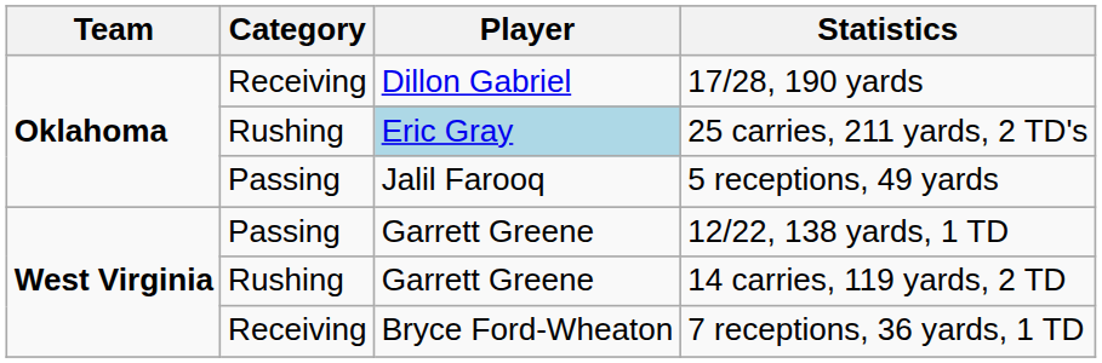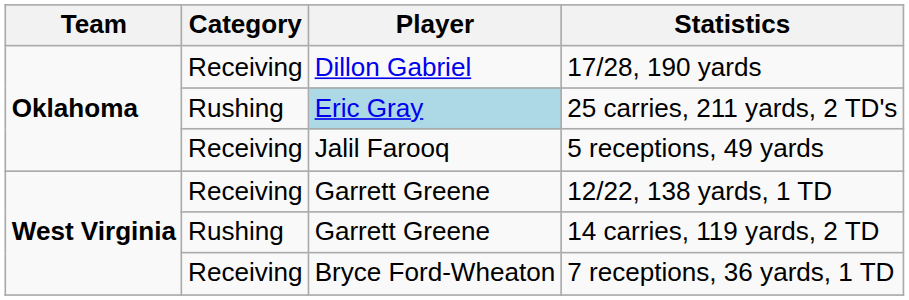 <table class="wikitable" style="float: right;">
 <tr>
 <th>Team</th>
 <th>Category</th>
 <th>Player</th>
 <th>Statistics</th>
 </tr>
 <tr>
 <td rowspan=3><strong>Oklahoma</strong></td>
 <td>Receiving</td>
 <td><a href='#'>Dillon Gabriel</a></td>
 <td>17/28, 190 yards</td>
 </tr>
 <tr>
 <td>Rushing</td>
 <td style="background: lightblue;"><a href='#'>Eric Gray</a></td>
 <td>25 carries, 211 yards, 2 TD's</td>
 </tr>
 <tr>
-<td>Passing</td>
+<td>Receiving</td>
 <td>Jalil Farooq</td>
 <td>5 receptions, 49 yards</td>
 </tr>
 <tr>
 <td rowspan=3><strong>West Virginia</strong></td>
-<td>Passing</td>
+<td>Receiving</td>
 <td>Garrett Greene</td>
 <td>12/22, 138 yards, 1 TD</td>
 </tr>
 <tr>
 <td>Rushing</td>
 <td>Garrett Greene</td>
 <td>14 carries, 119 yards, 2 TD</td>
 </tr>
 <tr>
 <td>Receiving</td>
 <td>Bryce Ford-Wheaton</td>
 <td>7 receptions, 36 yards, 1 TD</td>
 </tr>
 </table>
